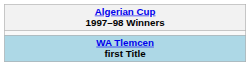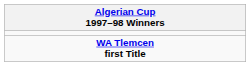 <table class="wikitable" style="text-align: center; margin: 0 auto; width: 20%">
 <tr>
 <th><a href='#'>Algerian Cup</a><br>1997–98 Winners</th>
 </tr>
 <tr>
 <td></td>
 </tr>
 <tr>
-<td style="background: lightblue;"><strong><a href='#'>WA Tlemcen</a></strong><br><strong>first Title</strong></td>
+<td><strong><a href='#'>WA Tlemcen</a></strong><br><strong>first Title</strong></td>
 </tr>
 </table>
